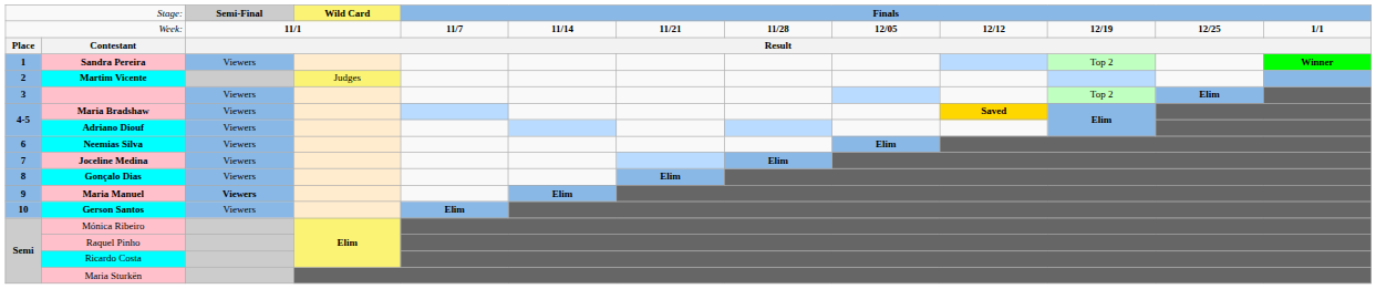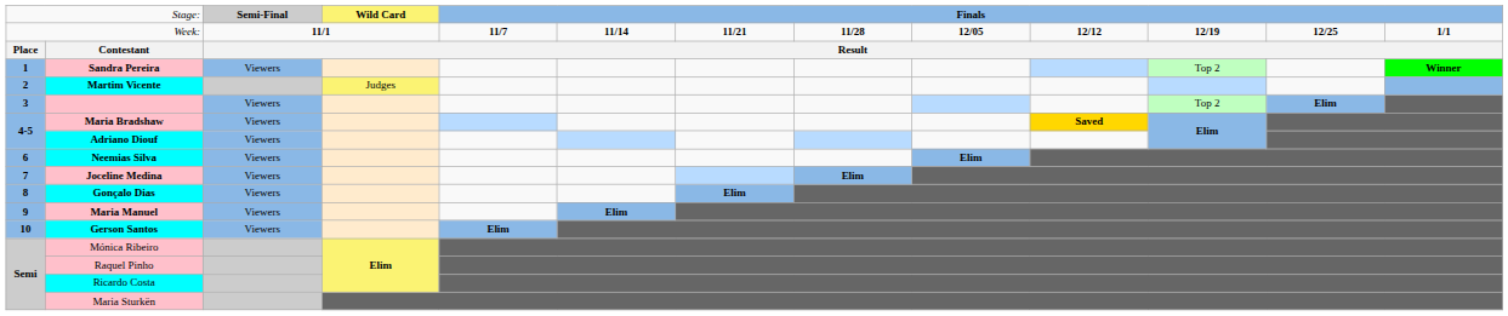 <table class="wikitable" style="margin:1em auto; text-align:center; font-size:85%">
 <tr>
 <td align="right" colspan=2><em>Stage:</em></td>
 <td bgcolor="CCCCCC"><strong>Semi-Final</strong></td>
 <td bgcolor="#fbf373"><strong>Wild Card</strong></td>
 <td bgcolor="8AB8E6" colspan=9><strong>Finals</strong></td>
 </tr>
 <tr>
 <td align="right" colspan=2><em>Week:</em></td>
 <td width="12%" colspan="2"><strong>11/1</strong></td>
 <td width="6%"><strong>11/7</strong></td>
 <td width="6%"><strong>11/14</strong></td>
 <td width="6%"><strong>11/21</strong></td>
 <td width="6%"><strong>11/28</strong></td>
 <td width="6%"><strong>12/05</strong></td>
 <td width="6%"><strong>12/12</strong></td>
 <td width="6%"><strong>12/19</strong></td>
 <td width="6%"><strong>12/25</strong></td>
 <td width="6%"><strong>1/1</strong></td>
 </tr>
 <tr>
 <th width="2%">Place</th>
 <th width="8%">Contestant</th>
 <th align="center" colspan=11>Result</th>
 </tr>
 <tr>
 <td bgcolor="8AB8E6"><strong>1</strong></td>
 <td bgcolor="pink"><strong>Sandra Pereira</strong></td>
 <td style="background:#8ab8e6;">Viewers</td>
 <td style="background:#FFEBCD;"></td>
 <td></td>
 <td></td>
 <td></td>
 <td></td>
 <td></td>
 <td style="background:#b8dbff;"></td>
 <td style="background:#BFFFC0;">Top 2</td>
 <td></td>
 <td style="background:lime;" rowspan="1"><strong>Winner</strong></td>
 </tr>
 <tr>
 <td bgcolor="8AB8E6"><strong>2</strong></td>
 <td bgcolor="cyan"><strong>Martim Vicente</strong></td>
 <td style="background:#ccc; text-align:center;"></td>
 <td style="background:#fbf373;">Judges</td>
 <td></td>
 <td></td>
 <td></td>
 <td></td>
 <td></td>
 <td></td>
 <td style="background:#b8dbff;"></td>
 <td></td>
 <td style="background:#8ab8e6;" rowspan="1"></td>
 </tr>
 <tr>
 <td bgcolor="8AB8E6"><strong>3</strong></td>
 <td bgcolor="pink"><strong></strong></td>
 <td style="background:#8ab8e6;">Viewers</td>
 <td style="background:#FFEBCD;"></td>
 <td></td>
 <td></td>
 <td></td>
 <td></td>
 <td style="background:#b8dbff;"></td>
 <td></td>
 <td style="background:#BFFFC0;">Top 2</td>
 <td style="background:#8ab8e6;" rowspan="1"><strong>Elim</strong></td>
 <td bgcolor="666666" colspan=1></td>
 </tr>
 <tr>
 <td bgcolor="8AB8E6" rowspan="2"><strong>4-5</strong></td>
 <td bgcolor="pink"><strong>Maria Bradshaw</strong></td>
 <td style="background:#8ab8e6;">Viewers</td>
 <td style="background:#FFEBCD;"></td>
 <td style="background:#b8dbff;"></td>
 <td></td>
 <td></td>
 <td></td>
 <td></td>
 <td bgcolor="gold"><strong>Saved</strong></td>
 <td style="background:#8ab8e6;" rowspan="2"><strong>Elim</strong></td>
 <td bgcolor="666666" colspan=4></td>
 </tr>
 <tr>
 <td bgcolor="cyan"><strong>Adriano Diouf</strong></td>
 <td style="background:#8ab8e6;">Viewers</td>
 <td style="background:#FFEBCD;"></td>
 <td></td>
 <td style="background:#b8dbff;"></td>
 <td></td>
 <td style="background:#b8dbff;"></td>
 <td></td>
 <td></td>
 <td bgcolor="666666" colspan=2></td>
 </tr>
 <tr>
 <td bgcolor="8AB8E6"><strong>6</strong></td>
 <td bgcolor="cyan"><strong>Neemias Silva</strong></td>
 <td style="background:#8ab8e6;">Viewers</td>
 <td style="background:#FFEBCD;"></td>
 <td></td>
 <td></td>
 <td></td>
 <td></td>
 <td style="background:#8ab8e6;"><strong>Elim</strong></td>
 <td bgcolor="666666" colspan=4></td>
 </tr>
 <tr>
 <td bgcolor="8AB8E6"><strong>7</strong></td>
 <td bgcolor="pink"><strong>Joceline Medina</strong></td>
 <td style="background:#8ab8e6;">Viewers</td>
 <td style="background:#FFEBCD;"></td>
 <td></td>
 <td></td>
 <td style="background:#b8dbff;"></td>
 <td style="background:#8ab8e6;"><strong>Elim</strong></td>
 <td bgcolor="666666" colspan=5></td>
 </tr>
 <tr>
 <td bgcolor="8AB8E6"><strong>8</strong></td>
 <td bgcolor="cyan"><strong>Gonçalo Dias</strong></td>
 <td style="background:#8ab8e6;">Viewers</td>
 <td style="background:#FFEBCD;"></td>
 <td></td>
 <td></td>
 <td style="background:#8ab8e6;"><strong>Elim</strong></td>
 <td bgcolor="666666" colspan=6></td>
 </tr>
 <tr>
 <td bgcolor="8AB8E6"><strong>9</strong></td>
 <td bgcolor="pink"><strong>Maria Manuel</strong></td>
-<td style="background:#8ab8e6;"><strong>Viewers</strong></td>
+<td style="background:#8ab8e6;">Viewers</td>
 <td style="background:#FFEBCD;"></td>
 <td></td>
 <td style="background:#8ab8e6;"><strong>Elim</strong></td>
 <td bgcolor="666666" colspan=7></td>
 </tr>
 <tr>
 <td bgcolor="8AB8E6"><strong>10</strong></td>
 <td bgcolor="cyan"><strong>Gerson Santos</strong></td>
 <td style="background:#8ab8e6;">Viewers</td>
 <td style="background:#FFEBCD;"></td>
 <td style="background:#8ab8e6;"><strong>Elim</strong></td>
 <td bgcolor="666666" colspan=8></td>
 </tr>
 <tr>
 <td rowspan=4 bgcolor="CCCCCC"><strong>Semi</strong></td>
 <td bgcolor="pink">Mónica Ribeiro</td>
 <td style="background:#ccc; text-align:center;"></td>
 <td rowspan=3 bgcolor="#fbf373"><strong>Elim</strong></td>
 <td bgcolor="666666" colspan=9></td>
 </tr>
 <tr>
 <td bgcolor="pink">Raquel Pinho</td>
 <td style="background:#ccc; text-align:center;"></td>
 <td bgcolor="666666" colspan=9></td>
 </tr>
 <tr>
 <td bgcolor="cyan">Ricardo Costa</td>
 <td style="background:#ccc; text-align:center;"></td>
 <td bgcolor="666666" colspan=9></td>
 </tr>
 <tr>
 <td bgcolor="pink">Maria Sturkën</td>
 <td style="background:#ccc; text-align:center;"></td>
 <td bgcolor="666666" colspan=10></td>
 </tr>
 </table>
